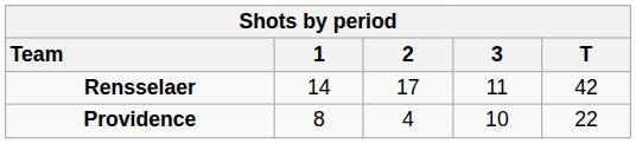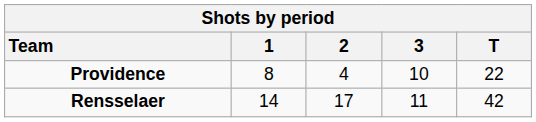 <table class="wikitable" style="width:30em; text-align:right;">
 <tr>
 <th colspan=5>Shots by period</th>
 </tr>
 <tr>
 <th style="width:10em; text-align:left;">Team</th>
 <th style="width:3em;">1</th>
 <th style="width:3em;">2</th>
 <th style="width:3em;">3</th>
 <th style="width:3em;">T</th>
 </tr>
 <tr>
+<td align=center><strong>Providence</strong></td>
+<td align=center>8</td>
+<td align=center>4</td>
+<td align=center>10</td>
+<td align=center>22</td>
+</tr>
+<tr>
 <td align=center><strong>Rensselaer</strong></td>
 <td align=center>14</td>
 <td align=center>17</td>
 <td align=center>11</td>
 <td align=center>42</td>
 </tr>
-<tr>
-<td align=center><strong>Providence</strong></td>
-<td align=center>8</td>
-<td align=center>4</td>
-<td align=center>10</td>
-<td align=center>22</td>
-</tr>
 </table>
